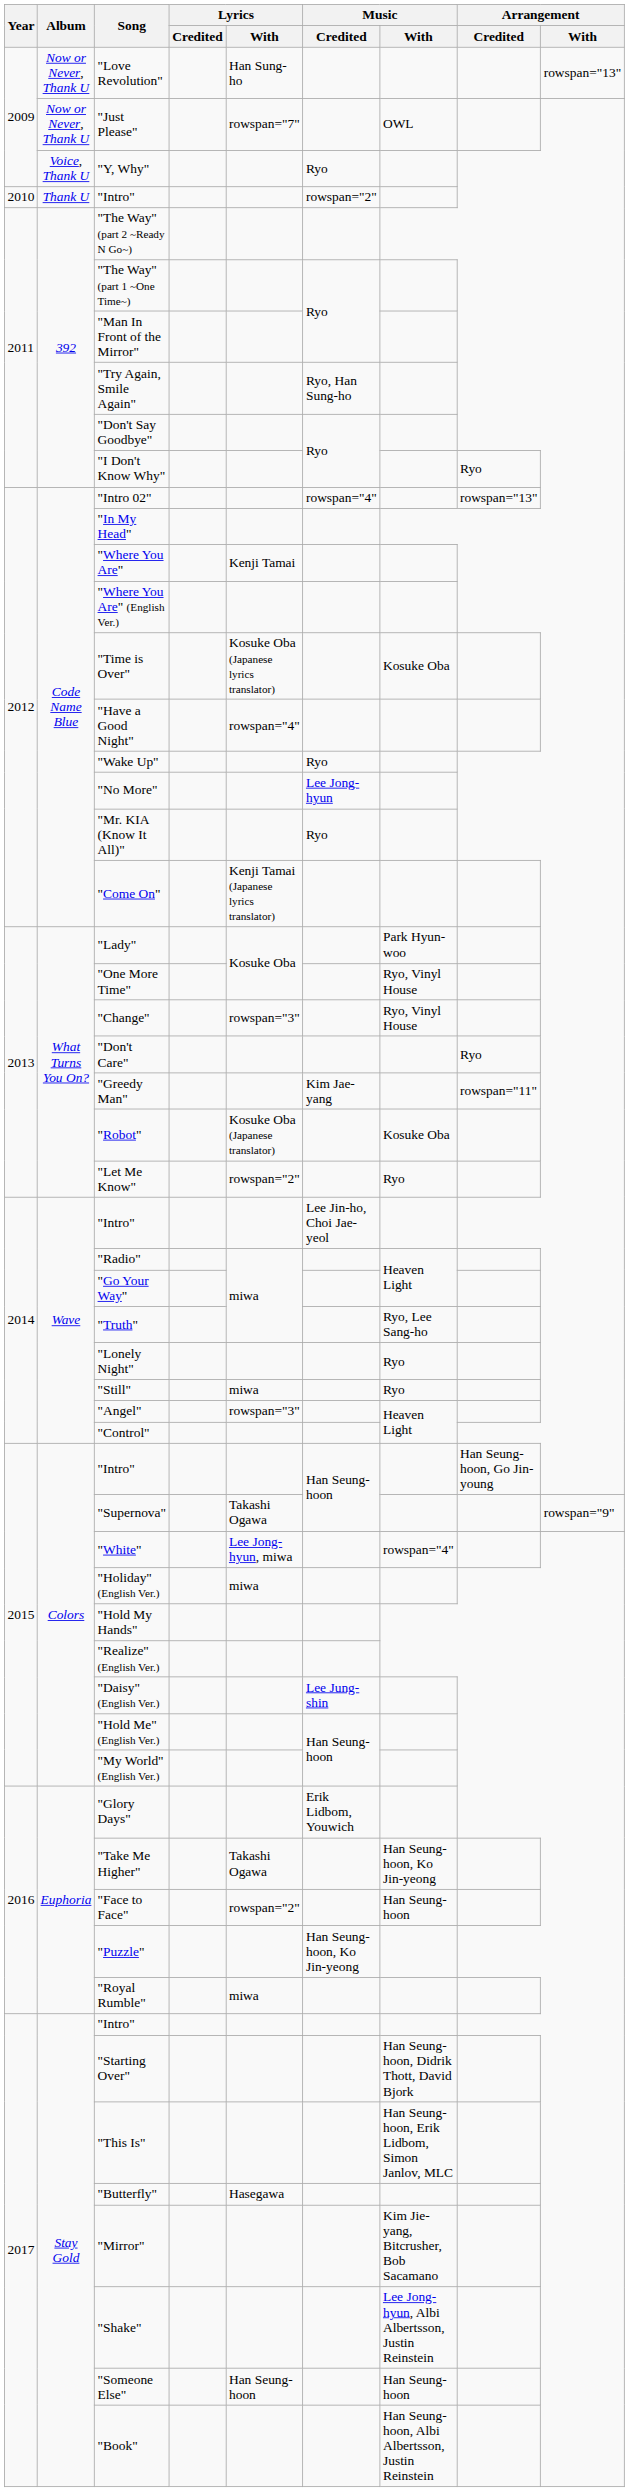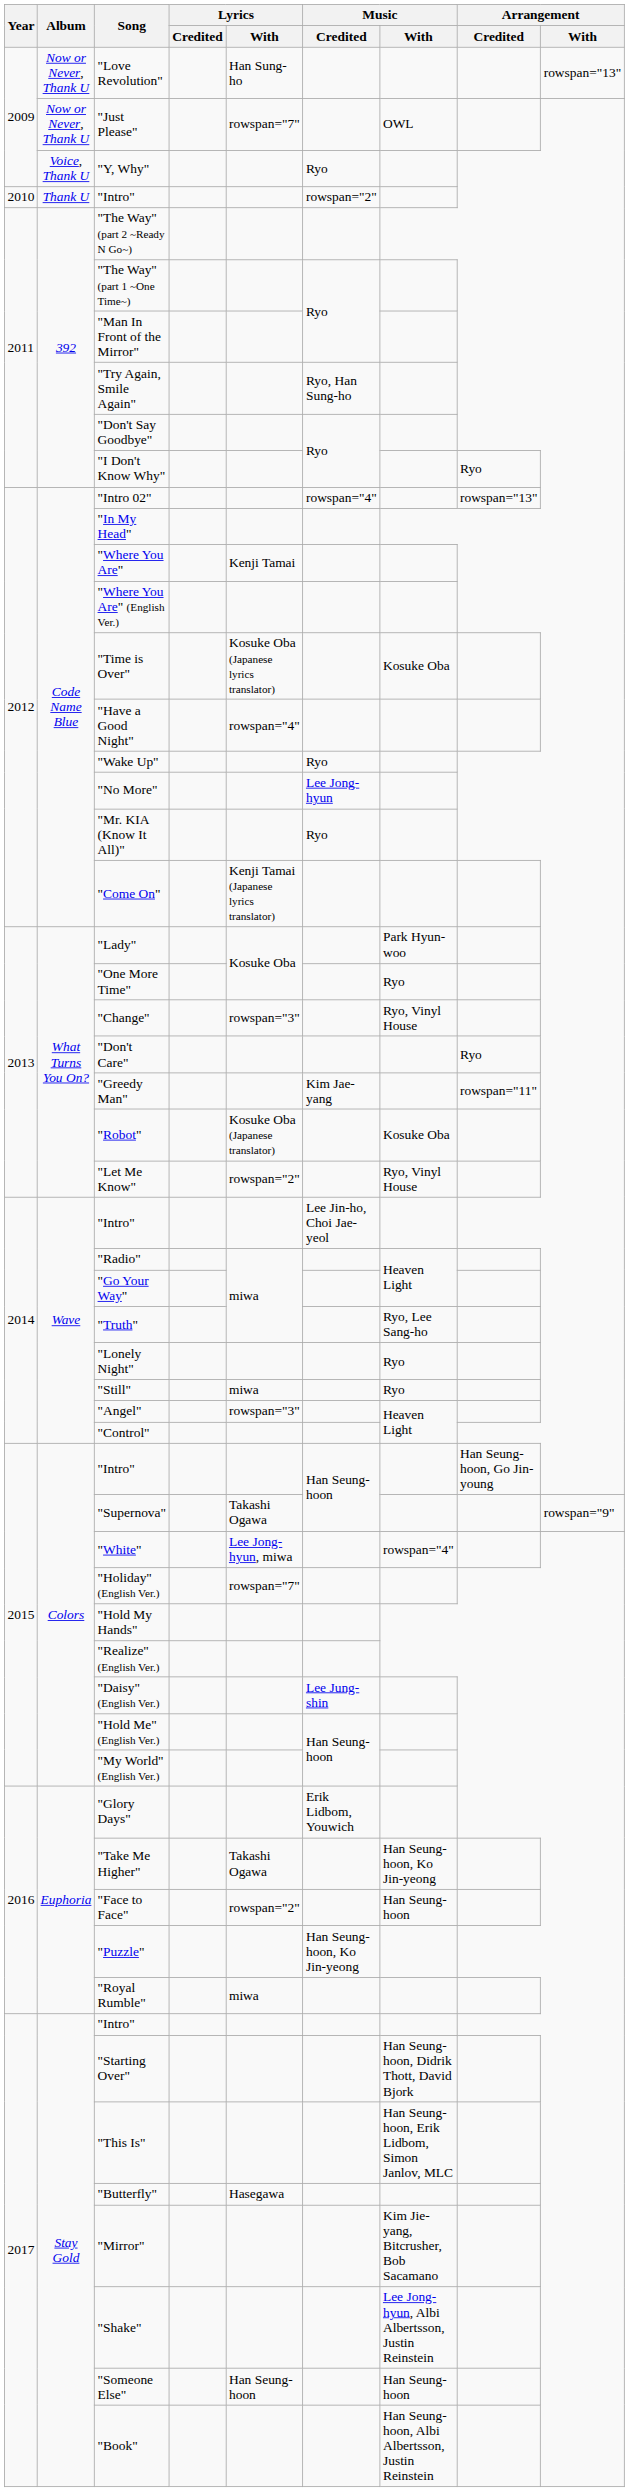 <table class="wikitable">
 <tr>
 <th rowspan="2">Year</th>
 <th rowspan="2">Album</th>
 <th rowspan="2">Song</th>
 <th colspan="2">Lyrics</th>
 <th colspan="2">Music</th>
 <th colspan="2">Arrangement</th>
 </tr>
 <tr>
 <th>Credited</th>
 <th>With</th>
 <th>Credited</th>
 <th>With</th>
 <th>Credited</th>
 <th>With</th>
 </tr>
 <tr>
 <td rowspan="3">2009</td>
 <td style="text-align:center;"><a href='#'><em>Now or Never</em></a>, <em><a href='#'>Thank U</a></em></td>
 <td>"Love Revolution"</td>
 <td></td>
 <td>Han Sung-ho</td>
 <td></td>
 <td></td>
 <td></td>
 <td>rowspan="13" </td>
 </tr>
 <tr>
 <td style="text-align:center;"><a href='#'><em>Now or Never</em></a>, <em><a href='#'>Thank U</a></em></td>
 <td>"Just Please"</td>
 <td></td>
 <td>rowspan="7" </td>
 <td></td>
 <td>OWL</td>
 <td></td>
 </tr>
 <tr>
 <td style="text-align:center;"><a href='#'><em>Voice</em></a>, <em><a href='#'>Thank U</a></em></td>
 <td>"Y, Why"</td>
 <td></td>
 <td></td>
 <td>Ryo</td>
 <td></td>
 </tr>
 <tr>
 <td>2010</td>
 <td style="text-align:center;"><em><a href='#'>Thank U</a></em></td>
 <td>"Intro"</td>
 <td></td>
 <td></td>
 <td>rowspan="2" </td>
 <td></td>
 </tr>
 <tr>
 <td rowspan="6">2011</td>
 <td rowspan="6" style="text-align:center;"><em><a href='#'>392</a></em></td>
 <td>"The Way" <small>(part 2 ~Ready N Go~)</small></td>
 <td></td>
 <td></td>
 <td></td>
 </tr>
 <tr>
 <td>"The Way" <small>(part 1 ~One Time~)</small></td>
 <td></td>
 <td></td>
 <td rowspan="2">Ryo</td>
 <td></td>
 </tr>
 <tr>
 <td>"Man In Front of the Mirror"</td>
 <td></td>
 <td></td>
 <td></td>
 </tr>
 <tr>
 <td>"Try Again, Smile Again"</td>
 <td></td>
 <td></td>
 <td>Ryo, Han Sung-ho</td>
 <td></td>
 </tr>
 <tr>
 <td>"Don't Say Goodbye"</td>
 <td></td>
 <td></td>
 <td rowspan="2">Ryo</td>
 <td></td>
 </tr>
 <tr>
 <td>"I Don't Know Why"</td>
 <td></td>
 <td></td>
 <td></td>
 <td>Ryo</td>
 </tr>
 <tr>
 <td rowspan="10">2012</td>
 <td rowspan="10" style="text-align:center;"><em><a href='#'>Code Name Blue</a></em></td>
 <td>"Intro 02"</td>
 <td></td>
 <td></td>
 <td>rowspan="4" </td>
 <td></td>
 <td>rowspan="13" </td>
 </tr>
 <tr>
 <td>"<a href='#'>In My Head</a>"</td>
 <td></td>
 <td></td>
 <td></td>
 </tr>
 <tr>
 <td>"<a href='#'>Where You Are</a>"</td>
 <td></td>
 <td>Kenji Tamai</td>
 <td></td>
 <td></td>
 </tr>
 <tr>
 <td>"<a href='#'>Where You Are</a>" <small>(English Ver.)</small></td>
 <td></td>
 <td></td>
 <td></td>
 <td></td>
 </tr>
 <tr>
 <td>"Time is Over"</td>
 <td></td>
 <td>Kosuke Oba  <small>(Japanese lyrics translator)</small></td>
 <td></td>
 <td>Kosuke Oba</td>
 <td></td>
 </tr>
 <tr>
 <td>"Have a Good Night"</td>
 <td></td>
 <td>rowspan="4" </td>
 <td></td>
 <td></td>
 <td></td>
 </tr>
 <tr>
 <td>"Wake Up"</td>
 <td></td>
 <td></td>
 <td>Ryo</td>
 <td></td>
 </tr>
 <tr>
 <td>"No More"</td>
 <td></td>
 <td></td>
 <td><a href='#'>Lee Jong-hyun</a></td>
 <td></td>
 </tr>
 <tr>
 <td>"Mr. KIA (Know It All)"</td>
 <td></td>
 <td></td>
 <td>Ryo</td>
 <td></td>
 </tr>
 <tr>
 <td>"<a href='#'>Come On</a>"</td>
 <td></td>
 <td>Kenji Tamai <small>(Japanese lyrics translator)</small></td>
 <td></td>
 <td></td>
 <td></td>
 </tr>
 <tr>
 <td rowspan="7">2013</td>
 <td rowspan="7" style="text-align:center;"><em><a href='#'>What Turns You On?</a></em></td>
 <td>"Lady"</td>
 <td></td>
 <td rowspan="2">Kosuke Oba</td>
 <td></td>
 <td>Park Hyun-woo</td>
 <td></td>
 </tr>
 <tr>
 <td>"One More Time"</td>
 <td></td>
 <td></td>
-<td>Ryo, Vinyl House</td>
+<td>Ryo</td>
 <td></td>
 </tr>
 <tr>
 <td>"Change"</td>
 <td></td>
 <td>rowspan="3" </td>
 <td></td>
 <td>Ryo, Vinyl House</td>
 <td></td>
 </tr>
 <tr>
 <td>"Don't Care"</td>
 <td></td>
 <td></td>
 <td></td>
 <td></td>
 <td>Ryo</td>
 </tr>
 <tr>
 <td>"Greedy Man"</td>
 <td></td>
 <td></td>
 <td>Kim Jae-yang</td>
 <td></td>
 <td>rowspan="11" </td>
 </tr>
 <tr>
 <td>"<a href='#'>Robot</a>"</td>
 <td></td>
 <td>Kosuke Oba <small>(Japanese translator)</small></td>
 <td></td>
 <td>Kosuke Oba</td>
 <td></td>
 </tr>
 <tr>
 <td>"Let Me Know"</td>
 <td></td>
 <td>rowspan="2" </td>
 <td></td>
-<td>Ryo</td>
+<td>Ryo, Vinyl House</td>
 <td></td>
 </tr>
 <tr>
 <td rowspan="8">2014</td>
 <td rowspan="8" style="text-align:center;"><em><a href='#'>Wave</a></em></td>
 <td>"Intro"</td>
 <td></td>
 <td></td>
 <td>Lee Jin-ho, Choi Jae-yeol</td>
 <td></td>
 </tr>
 <tr>
 <td>"Radio"</td>
 <td></td>
 <td rowspan="3">miwa</td>
 <td></td>
 <td rowspan="2">Heaven Light</td>
 <td></td>
 </tr>
 <tr>
 <td>"<a href='#'>Go Your Way</a>"</td>
 <td></td>
 <td></td>
 <td></td>
 </tr>
 <tr>
 <td>"<a href='#'>Truth</a>"</td>
 <td></td>
 <td></td>
 <td>Ryo, Lee Sang-ho</td>
 <td></td>
 </tr>
 <tr>
 <td>"Lonely Night"</td>
 <td></td>
 <td></td>
 <td></td>
 <td>Ryo</td>
 <td></td>
 </tr>
 <tr>
 <td>"Still"</td>
 <td></td>
 <td>miwa</td>
 <td></td>
 <td>Ryo</td>
 <td></td>
 </tr>
 <tr>
 <td>"Angel"</td>
 <td></td>
 <td>rowspan="3" </td>
 <td></td>
 <td rowspan="2">Heaven Light</td>
 <td></td>
 </tr>
 <tr>
 <td>"Control"</td>
 <td></td>
 <td></td>
 <td></td>
 </tr>
 <tr>
 <td rowspan="9">2015</td>
 <td rowspan="9" style="text-align:center;"><em><a href='#'>Colors</a></em></td>
 <td>"Intro"</td>
 <td></td>
 <td></td>
 <td rowspan="2">Han Seung-hoon</td>
 <td></td>
 <td>Han Seung-hoon, Go Jin-young</td>
 </tr>
 <tr>
 <td>"Supernova"</td>
 <td></td>
 <td>Takashi Ogawa</td>
 <td></td>
 <td></td>
 <td>rowspan="9" </td>
 </tr>
 <tr>
 <td>"<a href='#'>White</a>"</td>
 <td></td>
 <td><a href='#'>Lee Jong-hyun</a>, miwa</td>
 <td></td>
 <td>rowspan="4" </td>
 <td></td>
 </tr>
 <tr>
 <td>"Holiday" <small>(English Ver.)</small></td>
 <td></td>
-<td>miwa</td>
+<td>rowspan="7" </td>
 <td></td>
 <td></td>
 </tr>
 <tr>
 <td>"Hold My Hands"</td>
 <td></td>
 <td></td>
 <td></td>
 </tr>
 <tr>
 <td>"Realize" <small>(English Ver.)</small></td>
 <td></td>
 <td></td>
 <td></td>
 </tr>
 <tr>
 <td>"Daisy" <small>(English Ver.)</small></td>
 <td></td>
 <td></td>
 <td><a href='#'>Lee Jung-shin</a></td>
 <td></td>
 </tr>
 <tr>
 <td>"Hold Me" <small>(English Ver.)</small></td>
 <td></td>
 <td></td>
 <td rowspan="2">Han Seung-hoon</td>
 <td></td>
 </tr>
 <tr>
 <td>"My World" <small>(English Ver.)</small></td>
 <td></td>
 <td></td>
 <td></td>
 </tr>
 <tr>
 <td rowspan="5">2016</td>
 <td rowspan="5" style="text-align:center;"><em><a href='#'>Euphoria</a></em></td>
 <td>"Glory Days"</td>
 <td></td>
 <td></td>
 <td>Erik Lidbom, Youwich</td>
 <td></td>
 </tr>
 <tr>
 <td>"Take Me Higher"</td>
 <td></td>
 <td>Takashi Ogawa</td>
 <td></td>
 <td>Han Seung-hoon, Ko Jin-yeong</td>
 <td></td>
 </tr>
 <tr>
 <td>"Face to Face"</td>
 <td></td>
 <td>rowspan="2" </td>
 <td></td>
 <td>Han Seung-hoon</td>
 <td></td>
 </tr>
 <tr>
 <td>"<a href='#'>Puzzle</a>"</td>
 <td></td>
 <td></td>
 <td>Han Seung-hoon, Ko Jin-yeong</td>
 <td></td>
 </tr>
 <tr>
 <td>"Royal Rumble"</td>
 <td></td>
 <td>miwa</td>
 <td></td>
 <td></td>
 <td></td>
 </tr>
 <tr>
 <td rowspan="8">2017</td>
 <td rowspan="8" style="text-align:center;"><em><a href='#'>Stay Gold</a></em></td>
 <td>"Intro"</td>
 <td></td>
 <td></td>
 <td></td>
 <td></td>
 </tr>
 <tr>
 <td>"Starting Over"</td>
 <td></td>
 <td></td>
 <td></td>
 <td>Han Seung-hoon, Didrik Thott, David Bjork</td>
 <td></td>
 </tr>
 <tr>
 <td>"This Is"</td>
 <td></td>
 <td></td>
 <td></td>
 <td>Han Seung-hoon, Erik Lidbom, Simon Janlov, MLC</td>
 <td></td>
 </tr>
 <tr>
 <td>"Butterfly"</td>
 <td></td>
 <td>Hasegawa</td>
 <td></td>
 <td></td>
 <td></td>
 </tr>
 <tr>
 <td>"Mirror"</td>
 <td></td>
 <td></td>
 <td></td>
 <td>Kim Jie-yang, Bitcrusher, Bob Sacamano</td>
 <td></td>
 </tr>
 <tr>
 <td>"Shake"</td>
 <td></td>
 <td></td>
 <td></td>
 <td><a href='#'>Lee Jong-hyun</a>, Albi Albertsson, Justin Reinstein</td>
 <td></td>
 </tr>
 <tr>
 <td>"Someone Else"</td>
 <td></td>
 <td>Han Seung-hoon</td>
 <td></td>
 <td>Han Seung-hoon</td>
 <td></td>
 </tr>
 <tr>
 <td>"Book"</td>
 <td></td>
 <td></td>
 <td></td>
 <td>Han Seung-hoon, Albi Albertsson, Justin Reinstein</td>
 <td></td>
 </tr>
 </table>
